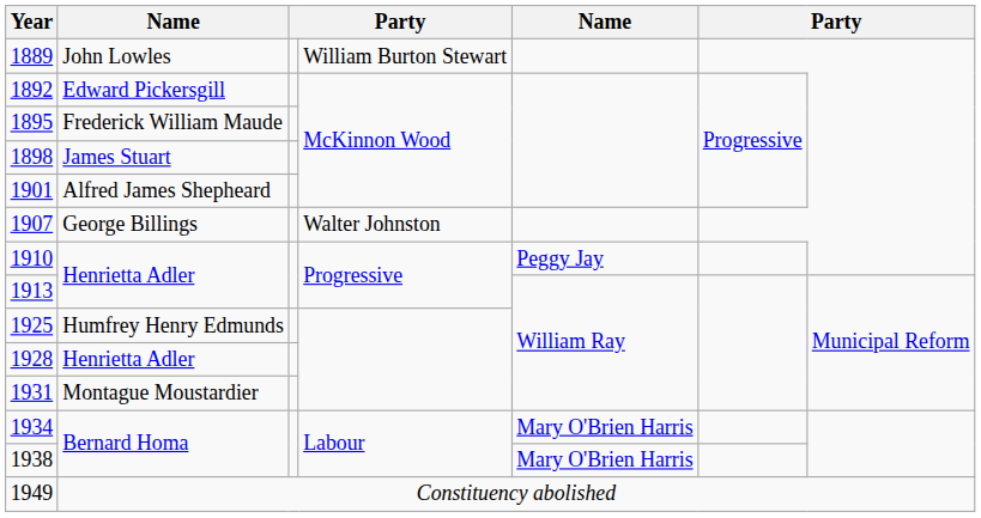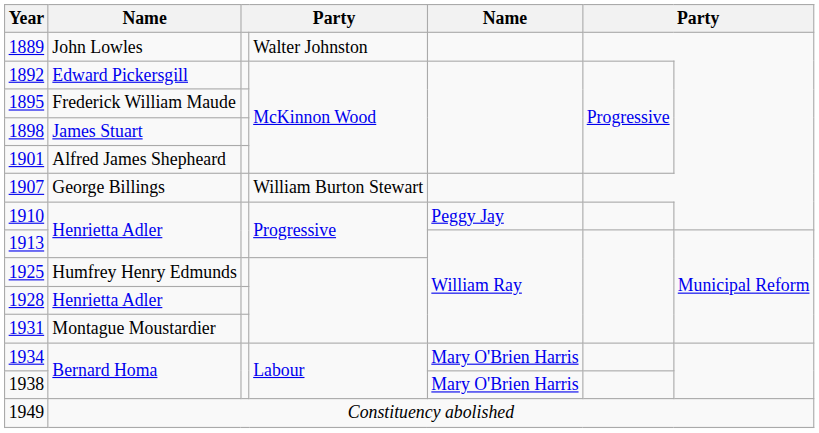 <table class="wikitable">
 <tr>
 <th>Year</th>
 <th>Name</th>
 <th colspan=2>Party</th>
 <th>Name</th>
 <th colspan=2>Party</th>
 </tr>
 <tr>
 <td><a href='#'>1889</a></td>
 <td>John Lowles</td>
 <td></td>
-<td>William Burton Stewart</td>
+<td>Walter Johnston</td>
 <td></td>
 </tr>
 <tr>
 <td><a href='#'>1892</a></td>
 <td><a href='#'>Edward Pickersgill</a></td>
 <td></td>
 <td rowspan=4><a href='#'>McKinnon Wood</a></td>
 <td rowspan=4 style="background-color: "></td>
 <td rowspan=4><a href='#'>Progressive</a></td>
 </tr>
 <tr>
 <td><a href='#'>1895</a></td>
 <td>Frederick William Maude</td>
 <td></td>
 </tr>
 <tr>
 <td><a href='#'>1898</a></td>
 <td><a href='#'>James Stuart</a></td>
 <td></td>
 </tr>
 <tr>
 <td><a href='#'>1901</a></td>
 <td>Alfred James Shepheard</td>
 <td></td>
 </tr>
 <tr>
 <td><a href='#'>1907</a></td>
 <td>George Billings</td>
 <td></td>
-<td>Walter Johnston</td>
+<td>William Burton Stewart</td>
 <td></td>
 </tr>
 <tr>
 <td><a href='#'>1910</a></td>
 <td rowspan=2><a href='#'>Henrietta Adler</a></td>
 <td rowspan=2 style="background-color: "></td>
 <td rowspan=2><a href='#'>Progressive</a></td>
 <td><a href='#'>Peggy Jay</a></td>
 <td></td>
 </tr>
 <tr>
 <td><a href='#'>1913</a></td>
 <td rowspan=4><a href='#'>William Ray</a></td>
 <td rowspan=4 style="background-color: "></td>
 <td rowspan=4><a href='#'>Municipal Reform</a></td>
 </tr>
 <tr>
 <td><a href='#'>1925</a></td>
 <td>Humfrey Henry Edmunds</td>
 <td></td>
 </tr>
 <tr>
 <td><a href='#'>1928</a></td>
 <td><a href='#'>Henrietta Adler</a></td>
 <td></td>
 </tr>
 <tr>
 <td><a href='#'>1931</a></td>
 <td>Montague Moustardier</td>
 <td></td>
 </tr>
 <tr>
 <td><a href='#'>1934</a></td>
 <td rowspan=2><a href='#'>Bernard Homa</a></td>
 <td rowspan=2 style="background-color: "></td>
 <td rowspan=2><a href='#'>Labour</a></td>
 <td><a href='#'>Mary O'Brien Harris</a></td>
 <td></td>
 </tr>
 <tr>
 <td>1938</td>
 <td><a href='#'>Mary O'Brien Harris</a></td>
 <td></td>
 </tr>
 <tr>
 <td>1949</td>
 <td colspan=6 align="center"><em>Constituency abolished</em></td>
 </tr>
 </table>
